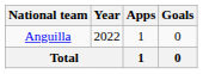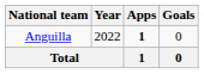 <table class="wikitable" style="text-align:center">
 <tr>
 <th>National team</th>
 <th>Year</th>
 <th>Apps</th>
 <th>Goals</th>
 </tr>
 <tr>
 <td rowspan=1><a href='#'>Anguilla</a></td>
 <td>2022</td>
-<td>1</td>
+<td><strong>1</strong></td>
 <td>0</td>
 </tr>
 <tr>
 <th colspan=2>Total</th>
 <th>1</th>
 <th>0</th>
 </tr>
 </table>
